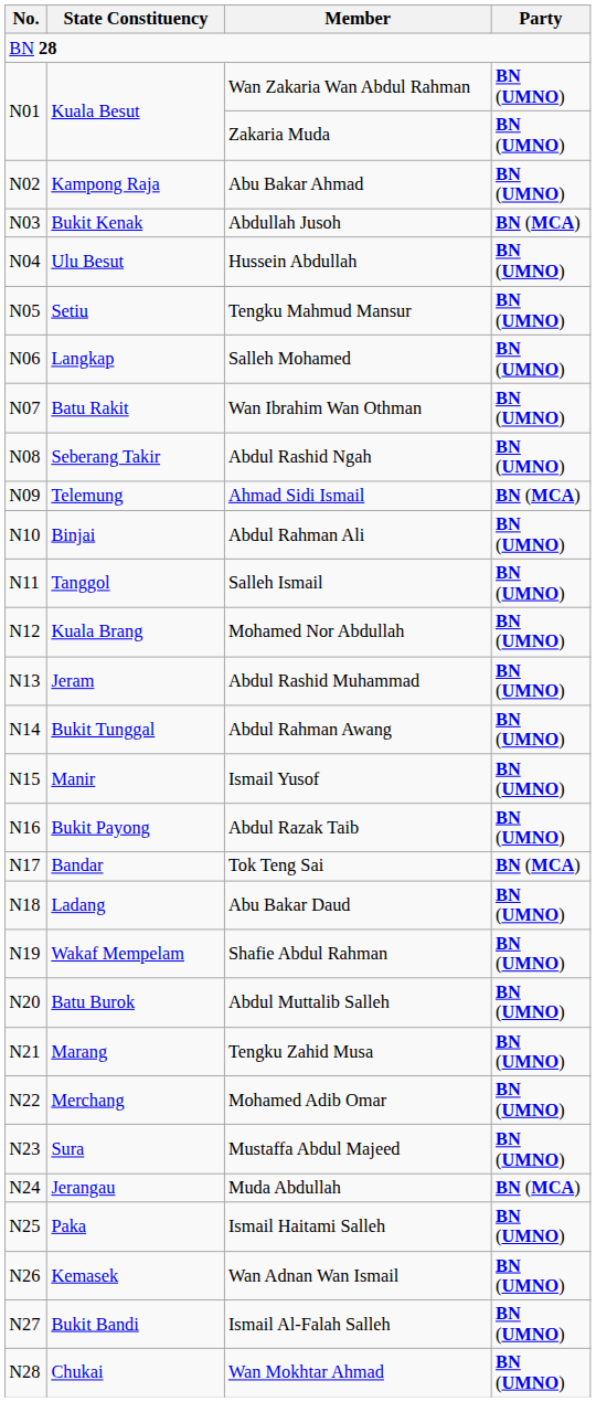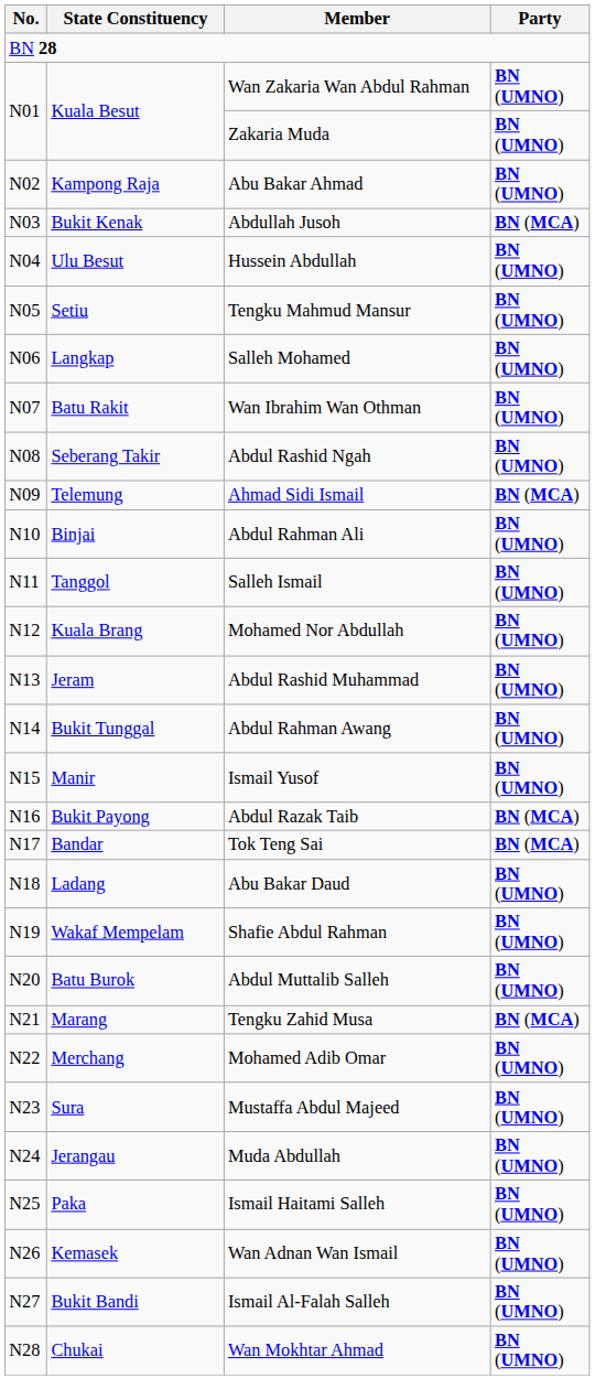 <table class="wikitable sortable">
 <tr>
 <th style="width:30px;">No.</th>
 <th style="width:150px;">State Constituency</th>
 <th style="width:230px;">Member</th>
 <th style="width:80px;">Party</th>
 </tr>
 <tr>
 <td colspan="4"><a href='#'>BN</a> <strong>28</strong></td>
 </tr>
 <tr>
 <td rowspan=2>N01</td>
 <td rowspan=2><a href='#'>Kuala Besut</a></td>
 <td>Wan Zakaria Wan Abdul Rahman </td>
 <td><strong><a href='#'>BN</a></strong> (<strong><a href='#'>UMNO</a></strong>)</td>
 </tr>
 <tr>
 <td>Zakaria Muda </td>
 <td><strong><a href='#'>BN</a></strong> (<strong><a href='#'>UMNO</a></strong>)</td>
 </tr>
 <tr>
 <td>N02</td>
 <td><a href='#'>Kampong Raja</a></td>
 <td>Abu Bakar Ahmad</td>
 <td><strong><a href='#'>BN</a></strong> (<strong><a href='#'>UMNO</a></strong>)</td>
 </tr>
 <tr>
 <td>N03</td>
 <td><a href='#'>Bukit Kenak</a></td>
 <td>Abdullah Jusoh</td>
 <td><strong><a href='#'>BN</a></strong> (<strong><a href='#'>MCA</a></strong>)</td>
 </tr>
 <tr>
 <td>N04</td>
 <td><a href='#'>Ulu Besut</a></td>
 <td>Hussein Abdullah</td>
 <td><strong><a href='#'>BN</a></strong> (<strong><a href='#'>UMNO</a></strong>)</td>
 </tr>
 <tr>
 <td>N05</td>
 <td><a href='#'>Setiu</a></td>
 <td>Tengku Mahmud Mansur</td>
 <td><strong><a href='#'>BN</a></strong> (<strong><a href='#'>UMNO</a></strong>)</td>
 </tr>
 <tr>
 <td>N06</td>
 <td><a href='#'>Langkap</a></td>
 <td>Salleh Mohamed</td>
 <td><strong><a href='#'>BN</a></strong> (<strong><a href='#'>UMNO</a></strong>)</td>
 </tr>
 <tr>
 <td>N07</td>
 <td><a href='#'>Batu Rakit</a></td>
 <td>Wan Ibrahim Wan Othman</td>
 <td><strong><a href='#'>BN</a></strong> (<strong><a href='#'>UMNO</a></strong>)</td>
 </tr>
 <tr>
 <td>N08</td>
 <td><a href='#'>Seberang Takir</a></td>
 <td>Abdul Rashid Ngah</td>
 <td><strong><a href='#'>BN</a></strong> (<strong><a href='#'>UMNO</a></strong>)</td>
 </tr>
 <tr>
 <td>N09</td>
 <td><a href='#'>Telemung</a></td>
 <td><a href='#'>Ahmad Sidi Ismail</a></td>
 <td><strong><a href='#'>BN</a></strong> (<strong><a href='#'>MCA</a></strong>)</td>
 </tr>
 <tr>
 <td>N10</td>
 <td><a href='#'>Binjai</a></td>
 <td>Abdul Rahman Ali</td>
 <td><strong><a href='#'>BN</a></strong> (<strong><a href='#'>UMNO</a></strong>)</td>
 </tr>
 <tr>
 <td>N11</td>
 <td><a href='#'>Tanggol</a></td>
 <td>Salleh Ismail</td>
 <td><strong><a href='#'>BN</a></strong> (<strong><a href='#'>UMNO</a></strong>)</td>
 </tr>
 <tr>
 <td>N12</td>
 <td><a href='#'>Kuala Brang</a></td>
 <td>Mohamed Nor Abdullah</td>
 <td><strong><a href='#'>BN</a></strong> (<strong><a href='#'>UMNO</a></strong>)</td>
 </tr>
 <tr>
 <td>N13</td>
 <td><a href='#'>Jeram</a></td>
 <td>Abdul Rashid Muhammad</td>
 <td><strong><a href='#'>BN</a></strong> (<strong><a href='#'>UMNO</a></strong>)</td>
 </tr>
 <tr>
 <td>N14</td>
 <td><a href='#'>Bukit Tunggal</a></td>
 <td>Abdul Rahman Awang</td>
 <td><strong><a href='#'>BN</a></strong> (<strong><a href='#'>UMNO</a></strong>)</td>
 </tr>
 <tr>
 <td>N15</td>
 <td><a href='#'>Manir</a></td>
 <td>Ismail Yusof</td>
 <td><strong><a href='#'>BN</a></strong> (<strong><a href='#'>UMNO</a></strong>)</td>
 </tr>
 <tr>
 <td>N16</td>
 <td><a href='#'>Bukit Payong</a></td>
 <td>Abdul Razak Taib</td>
-<td><strong><a href='#'>BN</a></strong> (<strong><a href='#'>UMNO</a></strong>)</td>
+<td><strong><a href='#'>BN</a></strong> (<strong><a href='#'>MCA</a></strong>)</td>
 </tr>
 <tr>
 <td>N17</td>
 <td><a href='#'>Bandar</a></td>
 <td>Tok Teng Sai</td>
 <td><strong><a href='#'>BN</a></strong> (<strong><a href='#'>MCA</a></strong>)</td>
 </tr>
 <tr>
 <td>N18</td>
 <td><a href='#'>Ladang</a></td>
 <td>Abu Bakar Daud</td>
 <td><strong><a href='#'>BN</a></strong> (<strong><a href='#'>UMNO</a></strong>)</td>
 </tr>
 <tr>
 <td>N19</td>
 <td><a href='#'>Wakaf Mempelam</a></td>
 <td>Shafie Abdul Rahman</td>
 <td><strong><a href='#'>BN</a></strong> (<strong><a href='#'>UMNO</a></strong>)</td>
 </tr>
 <tr>
 <td>N20</td>
 <td><a href='#'>Batu Burok</a></td>
 <td>Abdul Muttalib Salleh</td>
 <td><strong><a href='#'>BN</a></strong> (<strong><a href='#'>UMNO</a></strong>)</td>
 </tr>
 <tr>
 <td>N21</td>
 <td><a href='#'>Marang</a></td>
 <td>Tengku Zahid Musa</td>
-<td><strong><a href='#'>BN</a></strong> (<strong><a href='#'>UMNO</a></strong>)</td>
+<td><strong><a href='#'>BN</a></strong> (<strong><a href='#'>MCA</a></strong>)</td>
 </tr>
 <tr>
 <td>N22</td>
 <td><a href='#'>Merchang</a></td>
 <td>Mohamed Adib Omar</td>
 <td><strong><a href='#'>BN</a></strong> (<strong><a href='#'>UMNO</a></strong>)</td>
 </tr>
 <tr>
 <td>N23</td>
 <td><a href='#'>Sura</a></td>
 <td>Mustaffa Abdul Majeed</td>
 <td><strong><a href='#'>BN</a></strong> (<strong><a href='#'>UMNO</a></strong>)</td>
 </tr>
 <tr>
 <td>N24</td>
 <td><a href='#'>Jerangau</a></td>
 <td>Muda Abdullah</td>
-<td><strong><a href='#'>BN</a></strong> (<strong><a href='#'>MCA</a></strong>)</td>
+<td><strong><a href='#'>BN</a></strong> (<strong><a href='#'>UMNO</a></strong>)</td>
 </tr>
 <tr>
 <td>N25</td>
 <td><a href='#'>Paka</a></td>
 <td>Ismail Haitami Salleh</td>
 <td><strong><a href='#'>BN</a></strong> (<strong><a href='#'>UMNO</a></strong>)</td>
 </tr>
 <tr>
 <td>N26</td>
 <td><a href='#'>Kemasek</a></td>
 <td>Wan Adnan Wan Ismail</td>
 <td><strong><a href='#'>BN</a></strong> (<strong><a href='#'>UMNO</a></strong>)</td>
 </tr>
 <tr>
 <td>N27</td>
 <td><a href='#'>Bukit Bandi</a></td>
 <td>Ismail Al-Falah Salleh</td>
 <td><strong><a href='#'>BN</a></strong> (<strong><a href='#'>UMNO</a></strong>)</td>
 </tr>
 <tr>
 <td>N28</td>
 <td><a href='#'>Chukai</a></td>
 <td><a href='#'>Wan Mokhtar Ahmad</a></td>
 <td><strong><a href='#'>BN</a></strong> (<strong><a href='#'>UMNO</a></strong>)</td>
 </tr>
 </table>
